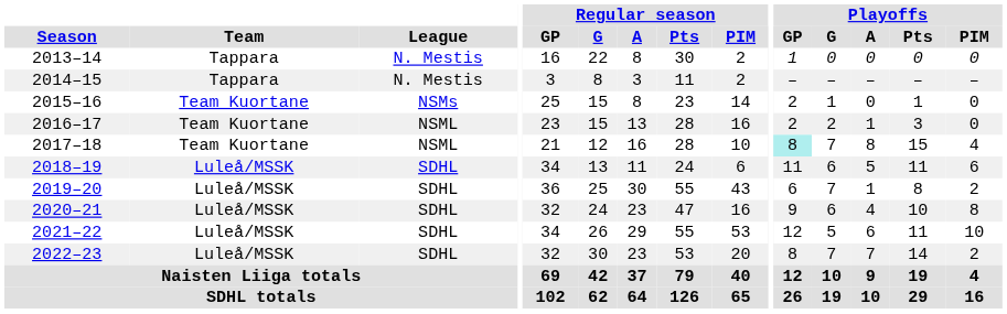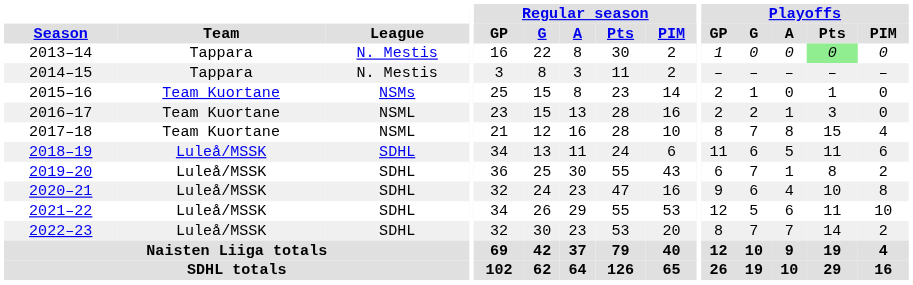 <table border="0" cellpadding="1" cellspacing="0" style="text-align:center; width:60em">
 <tr bgcolor="#e0e0e0">
 <th colspan="3" bgcolor="#ffffff"></th>
 <th rowspan="97" bgcolor="#ffffff"></th>
 <th colspan="5"><a href='#'>Regular season</a></th>
 <th rowspan="97" bgcolor="#ffffff"></th>
 <th colspan="5"><a href='#'>Playoffs</a></th>
 </tr>
 <tr bgcolor="#e0e0e0">
 <th><a href='#'>Season</a></th>
 <th>Team</th>
 <th>League</th>
 <th>GP</th>
 <th><a href='#'>G</a></th>
 <th><a href='#'>A</a></th>
 <th><a href='#'>Pts</a></th>
 <th><a href='#'>PIM</a></th>
 <th>GP</th>
 <th>G</th>
 <th>A</th>
 <th>Pts</th>
 <th>PIM</th>
 </tr>
 <tr>
 <td>2013–14</td>
 <td>Tappara</td>
 <td><a href='#'>N. Mestis</a></td>
 <td>16</td>
 <td>22</td>
 <td>8</td>
 <td>30</td>
 <td>2</td>
 <td><em>1</em></td>
 <td><em>0</em></td>
 <td><em>0</em></td>
-<td><em>0</em></td>
+<td style="background: lightgreen;"><em>0</em></td>
 <td><em>0</em></td>
 </tr>
 <tr bgcolor="#f0f0f0">
 <td>2014–15</td>
 <td>Tappara</td>
 <td>N. Mestis</td>
 <td>3</td>
 <td>8</td>
 <td>3</td>
 <td>11</td>
 <td>2</td>
 <td>–</td>
 <td>–</td>
 <td>–</td>
 <td>–</td>
 <td>–</td>
 </tr>
 <tr>
 <td>2015–16</td>
 <td><a href='#'>Team Kuortane</a></td>
 <td><a href='#'>NSMs</a></td>
 <td>25</td>
 <td>15</td>
 <td>8</td>
 <td>23</td>
 <td>14</td>
 <td>2</td>
 <td>1</td>
 <td>0</td>
 <td>1</td>
 <td>0</td>
 </tr>
 <tr bgcolor="#f0f0f0">
 <td>2016–17</td>
 <td>Team Kuortane</td>
 <td>NSML</td>
 <td>23</td>
 <td>15</td>
 <td>13</td>
 <td>28</td>
 <td>16</td>
 <td>2</td>
 <td>2</td>
 <td>1</td>
 <td>3</td>
 <td>0</td>
 </tr>
 <tr>
 <td>2017–18</td>
 <td>Team Kuortane</td>
 <td>NSML</td>
 <td>21</td>
 <td>12</td>
 <td>16</td>
 <td>28</td>
 <td>10</td>
-<td style="background: paleturquoise;">8</td>
+<td>8</td>
 <td>7</td>
 <td>8</td>
 <td>15</td>
 <td>4</td>
 </tr>
 <tr bgcolor="#f0f0f0">
 <td><a href='#'>2018–19</a></td>
 <td><a href='#'>Luleå/MSSK</a></td>
 <td><a href='#'>SDHL</a></td>
 <td>34</td>
 <td>13</td>
 <td>11</td>
 <td>24</td>
 <td>6</td>
 <td>11</td>
 <td>6</td>
 <td>5</td>
 <td>11</td>
 <td>6</td>
 </tr>
 <tr>
 <td><a href='#'>2019–20</a></td>
 <td>Luleå/MSSK</td>
 <td>SDHL</td>
 <td>36</td>
 <td>25</td>
 <td>30</td>
 <td>55</td>
 <td>43</td>
 <td>6</td>
 <td>7</td>
 <td>1</td>
 <td>8</td>
 <td>2</td>
 </tr>
 <tr bgcolor="#f0f0f0">
 <td><a href='#'>2020–21</a></td>
 <td>Luleå/MSSK</td>
 <td>SDHL</td>
 <td>32</td>
 <td>24</td>
 <td>23</td>
 <td>47</td>
 <td>16</td>
 <td>9</td>
 <td>6</td>
 <td>4</td>
 <td>10</td>
 <td>8</td>
 </tr>
 <tr>
 <td><a href='#'>2021–22</a></td>
 <td>Luleå/MSSK</td>
 <td>SDHL</td>
 <td>34</td>
 <td>26</td>
 <td>29</td>
 <td>55</td>
 <td>53</td>
 <td>12</td>
 <td>5</td>
 <td>6</td>
 <td>11</td>
 <td>10</td>
 </tr>
 <tr bgcolor="#f0f0f0">
 <td><a href='#'>2022–23</a></td>
 <td>Luleå/MSSK</td>
 <td>SDHL</td>
 <td>32</td>
 <td>30</td>
 <td>23</td>
 <td>53</td>
 <td>20</td>
 <td>8</td>
 <td>7</td>
 <td>7</td>
 <td>14</td>
 <td>2</td>
 </tr>
 <tr bgcolor="#e0e0e0">
 <th colspan="3">Naisten Liiga totals</th>
 <th>69</th>
 <th>42</th>
 <th>37</th>
 <th>79</th>
 <th>40</th>
 <th>12</th>
 <th>10</th>
 <th>9</th>
 <th>19</th>
 <th>4</th>
 </tr>
 <tr bgcolor="#e0e0e0">
 <th colspan="3">SDHL totals</th>
 <th>102</th>
 <th>62</th>
 <th>64</th>
 <th>126</th>
 <th>65</th>
 <th>26</th>
 <th>19</th>
 <th>10</th>
 <th>29</th>
 <th>16</th>
 </tr>
 </table>
